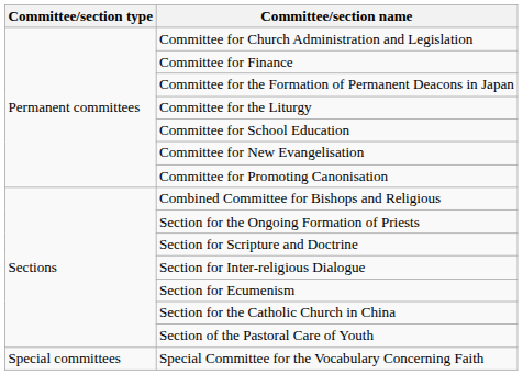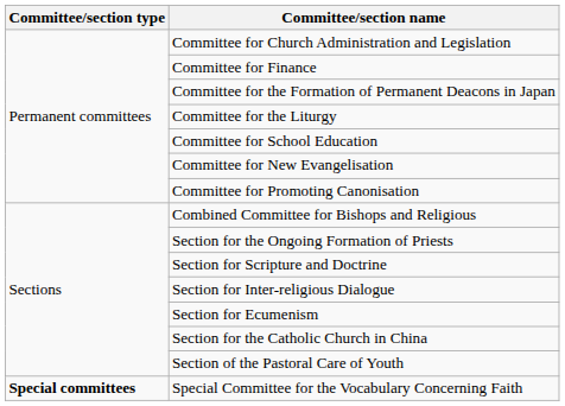 <table class="wikitable">
 <tr>
 <th>Committee/section type</th>
 <th>Committee/section name</th>
 </tr>
 <tr>
 <td rowspan="7">Permanent committees</td>
 <td>Committee for Church Administration and Legislation</td>
 </tr>
 <tr>
 <td>Committee for Finance</td>
 </tr>
 <tr>
 <td>Committee for the Formation of Permanent Deacons in Japan</td>
 </tr>
 <tr>
 <td>Committee for the Liturgy</td>
 </tr>
 <tr>
 <td>Committee for School Education</td>
 </tr>
 <tr>
 <td>Committee for New Evangelisation</td>
 </tr>
 <tr>
 <td>Committee for Promoting Canonisation</td>
 </tr>
 <tr>
 <td rowspan="7">Sections</td>
 <td>Combined Committee for Bishops and Religious</td>
 </tr>
 <tr>
 <td>Section for the Ongoing Formation of Priests</td>
 </tr>
 <tr>
 <td>Section for Scripture and Doctrine</td>
 </tr>
 <tr>
 <td>Section for Inter-religious Dialogue</td>
 </tr>
 <tr>
 <td>Section for Ecumenism</td>
 </tr>
 <tr>
 <td>Section for the Catholic Church in China</td>
 </tr>
 <tr>
 <td>Section of the Pastoral Care of Youth</td>
 </tr>
 <tr>
-<td>Special committees</td>
+<td><strong>Special committees</strong></td>
 <td>Special Committee for the Vocabulary Concerning Faith</td>
 </tr>
 </table>
